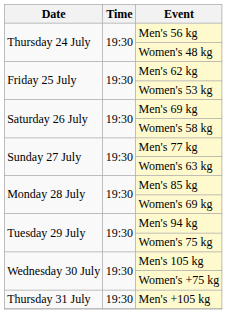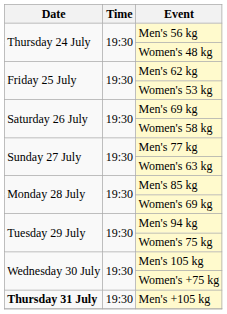 <table class=wikitable>
 <tr>
 <th>Date</th>
 <th>Time</th>
 <th>Event</th>
 </tr>
 <tr>
 <td rowspan="2">Thursday 24 July</td>
 <td rowspan="2">19:30</td>
 <td style=background:lemonchiffon>Men's 56 kg</td>
 </tr>
 <tr>
 <td style=background:lemonchiffon>Women's 48 kg</td>
 </tr>
 <tr>
 <td rowspan="2">Friday 25 July</td>
 <td rowspan="2">19:30</td>
 <td style=background:lemonchiffon>Men's 62 kg</td>
 </tr>
 <tr>
 <td style=background:lemonchiffon>Women's 53 kg</td>
 </tr>
 <tr>
 <td rowspan="2">Saturday 26 July</td>
 <td rowspan="2">19:30</td>
 <td style=background:lemonchiffon>Men's 69 kg</td>
 </tr>
 <tr>
 <td style=background:lemonchiffon>Women's 58 kg</td>
 </tr>
 <tr>
 <td rowspan="2">Sunday 27 July</td>
 <td rowspan="2">19:30</td>
 <td style=background:lemonchiffon>Men's 77 kg</td>
 </tr>
 <tr>
 <td style=background:lemonchiffon>Women's 63 kg</td>
 </tr>
 <tr>
 <td rowspan="2">Monday 28 July</td>
 <td rowspan="2">19:30</td>
 <td style=background:lemonchiffon>Men's 85 kg</td>
 </tr>
 <tr>
 <td style=background:lemonchiffon>Women's 69 kg</td>
 </tr>
 <tr>
 <td rowspan="2">Tuesday 29 July</td>
 <td rowspan="2">19:30</td>
 <td style=background:lemonchiffon>Men's 94 kg</td>
 </tr>
 <tr>
 <td style=background:lemonchiffon>Women's 75 kg</td>
 </tr>
 <tr>
 <td rowspan="2">Wednesday 30 July</td>
 <td rowspan="2">19:30</td>
 <td style=background:lemonchiffon>Men's 105 kg</td>
 </tr>
 <tr>
 <td style=background:lemonchiffon>Women's +75 kg</td>
 </tr>
 <tr>
-<td>Thursday 31 July</td>
+<td><strong>Thursday 31 July</strong></td>
 <td>19:30</td>
 <td style=background:lemonchiffon>Men's +105 kg</td>
 </tr>
 <tr>
 </tr>
 </table>
